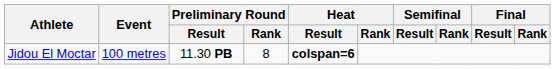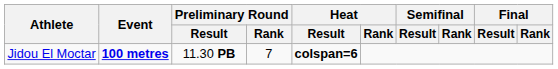 <table class="wikitable" style="font-size:90%">
 <tr>
 <th rowspan="2">Athlete</th>
 <th rowspan="2">Event</th>
 <th colspan="2">Preliminary Round</th>
 <th colspan="2">Heat</th>
 <th colspan="2">Semifinal</th>
 <th colspan="2">Final</th>
 </tr>
 <tr style="font-size:95%">
 <th>Result</th>
 <th>Rank</th>
 <th>Result</th>
 <th>Rank</th>
 <th>Result</th>
 <th>Rank</th>
 <th>Result</th>
 <th>Rank</th>
 </tr>
 <tr style=text-align:center>
 <td style=text-align:left><a href='#'>Jidou El Moctar</a></td>
-<td style=text-align:left><a href='#'>100 metres</a></td>
+<td style=text-align:left><strong><a href='#'>100 metres</a></strong></td>
 <td>11.30 <strong>PB</strong></td>
-<td>8</td>
+<td>7</td>
 <td><strong>colspan=6 </strong></td>
 </tr>
 </table>
